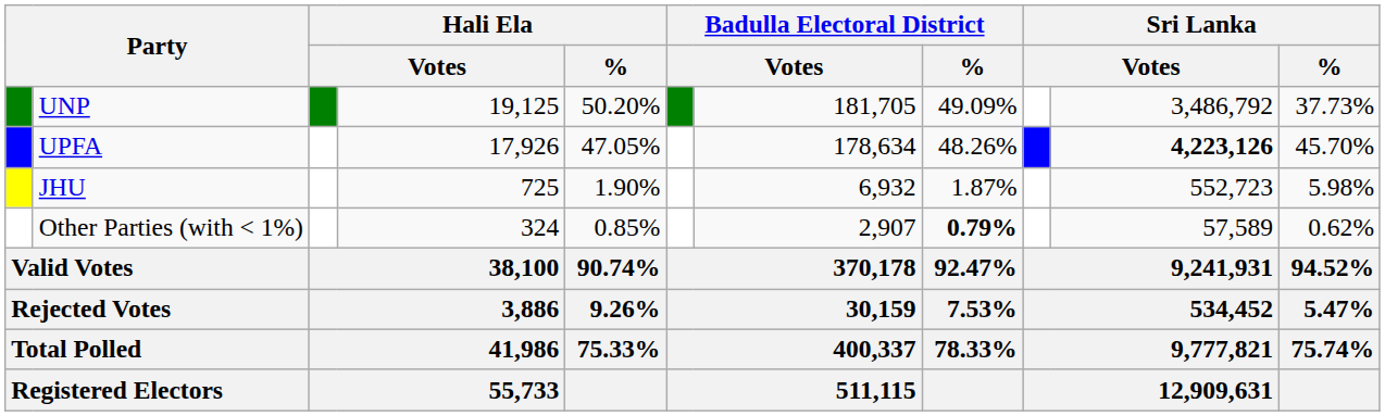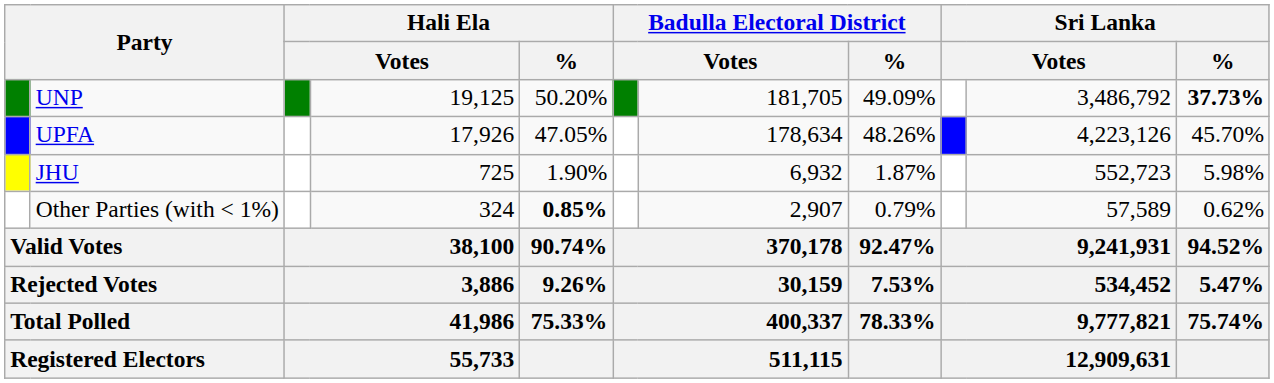 <table class="wikitable">
 <tr>
 <th colspan="2" width="144px"rowspan="2">Party</th>
 <th colspan="3" width="216px">Hali Ela</th>
 <th colspan="3" width="216px"><a href='#'>Badulla Electoral District</a></th>
 <th colspan="3" width="216px">Sri Lanka</th>
 </tr>
 <tr>
 <th colspan="2" width="144px">Votes</th>
 <th>%</th>
 <th colspan="2" width="144px">Votes</th>
 <th>%</th>
 <th colspan="2" width="144px">Votes</th>
 <th>%</th>
 </tr>
 <tr>
 <td style="background-color:green;" width="10px"></td>
 <td style="text-align:left;"><a href='#'>UNP</a></td>
 <td style="background-color:green;" width="10px"></td>
 <td style="text-align:right;">19,125</td>
 <td style="text-align:right;">50.20%</td>
 <td style="background-color:green;" width="10px"></td>
 <td style="text-align:right;">181,705</td>
 <td style="text-align:right;">49.09%</td>
 <td style="background-color:white;" width="10px"></td>
 <td style="text-align:right;">3,486,792</td>
-<td style="text-align:right;">37.73%</td>
+<td style="text-align:right;"><strong>37.73%</strong></td>
 </tr>
 <tr>
 <td style="background-color:blue;" width="10px"></td>
 <td style="text-align:left;"><a href='#'>UPFA</a></td>
 <td style="background-color:white;" width="10px"></td>
 <td style="text-align:right;">17,926</td>
 <td style="text-align:right;">47.05%</td>
 <td style="background-color:white;" width="10px"></td>
 <td style="text-align:right;">178,634</td>
 <td style="text-align:right;">48.26%</td>
 <td style="background-color:blue;" width="10px"></td>
-<td style="text-align:right;"><strong>4,223,126</strong></td>
+<td style="text-align:right;">4,223,126</td>
 <td style="text-align:right;">45.70%</td>
 </tr>
 <tr>
 <td style="background-color:yellow;" width="10px"></td>
 <td style="text-align:left;"><a href='#'>JHU</a></td>
 <td style="background-color:white;" width="10px"></td>
 <td style="text-align:right;">725</td>
 <td style="text-align:right;">1.90%</td>
 <td style="background-color:white;" width="10px"></td>
 <td style="text-align:right;">6,932</td>
 <td style="text-align:right;">1.87%</td>
 <td style="background-color:white;" width="10px"></td>
 <td style="text-align:right;">552,723</td>
 <td style="text-align:right;">5.98%</td>
 </tr>
 <tr>
 <td style="background-color:white;" width="10px"></td>
 <td style="text-align:left;">Other Parties (with < 1%)</td>
 <td style="background-color:white;" width="10px"></td>
 <td style="text-align:right;">324</td>
-<td style="text-align:right;">0.85%</td>
+<td style="text-align:right;"><strong>0.85%</strong></td>
 <td style="background-color:white;" width="10px"></td>
 <td style="text-align:right;">2,907</td>
-<td style="text-align:right;"><strong>0.79%</strong></td>
+<td style="text-align:right;">0.79%</td>
 <td style="background-color:white;" width="10px"></td>
 <td style="text-align:right;">57,589</td>
 <td style="text-align:right;">0.62%</td>
 </tr>
 <tr>
 <th colspan="2" width="144px"style="text-align:left;">Valid Votes</th>
 <th style="text-align:right;"colspan="2" width="144px">38,100</th>
 <th style="text-align:right;">90.74%</th>
 <th style="text-align:right;"colspan="2" width="144px">370,178</th>
 <th style="text-align:right;">92.47%</th>
 <th style="text-align:right;"colspan="2" width="144px">9,241,931</th>
 <th style="text-align:right;">94.52%</th>
 </tr>
 <tr>
 <th colspan="2" width="144px"style="text-align:left;">Rejected Votes</th>
 <th style="text-align:right;"colspan="2" width="144px">3,886</th>
 <th style="text-align:right;">9.26%</th>
 <th style="text-align:right;"colspan="2" width="144px">30,159</th>
 <th style="text-align:right;">7.53%</th>
 <th style="text-align:right;"colspan="2" width="144px">534,452</th>
 <th style="text-align:right;">5.47%</th>
 </tr>
 <tr>
 <th colspan="2" width="144px"style="text-align:left;">Total Polled</th>
 <th style="text-align:right;"colspan="2" width="144px">41,986</th>
 <th style="text-align:right;">75.33%</th>
 <th style="text-align:right;"colspan="2" width="144px">400,337</th>
 <th style="text-align:right;">78.33%</th>
 <th style="text-align:right;"colspan="2" width="144px">9,777,821</th>
 <th style="text-align:right;">75.74%</th>
 </tr>
 <tr>
 <th colspan="2" width="144px"style="text-align:left;">Registered Electors</th>
 <th style="text-align:right;"colspan="2" width="144px">55,733</th>
 <th></th>
 <th style="text-align:right;"colspan="2" width="144px">511,115</th>
 <th></th>
 <th style="text-align:right;"colspan="2" width="144px">12,909,631</th>
 <th></th>
 </tr>
 </table>
